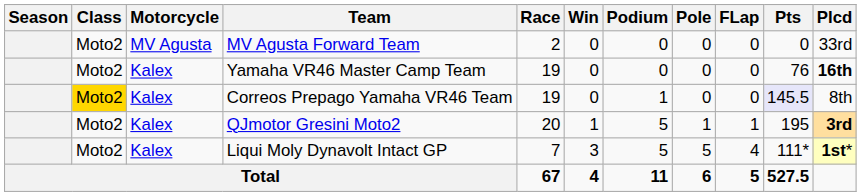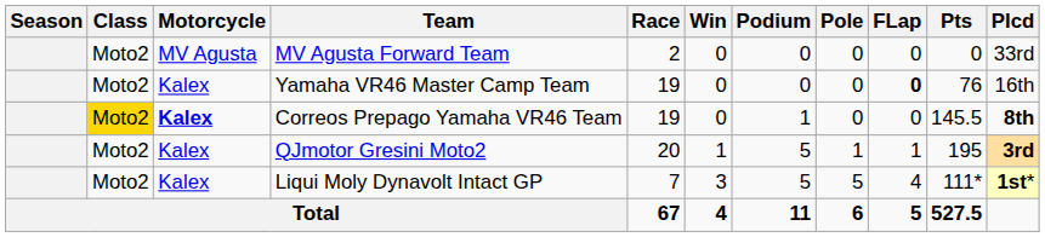 <table class="wikitable" style="text-align:right;">
 <tr>
 <th>Season</th>
 <th>Class</th>
 <th>Motorcycle</th>
 <th>Team</th>
 <th>Race</th>
 <th>Win</th>
 <th>Podium</th>
 <th>Pole</th>
 <th>FLap</th>
 <th>Pts</th>
 <th>Plcd</th>
 </tr>
 <tr>
 <th></th>
 <td>Moto2</td>
 <td style="text-align:left;"><a href='#'>MV Agusta</a></td>
 <td style="text-align:left;"><a href='#'>MV Agusta Forward Team</a></td>
 <td>2</td>
 <td>0</td>
 <td>0</td>
 <td>0</td>
 <td>0</td>
 <td>0</td>
 <td>33rd</td>
 </tr>
 <tr>
 <th></th>
 <td>Moto2</td>
 <td style="text-align:left;"><a href='#'>Kalex</a></td>
 <td style="text-align:left;">Yamaha VR46 Master Camp Team</td>
 <td>19</td>
 <td>0</td>
 <td>0</td>
 <td>0</td>
-<td>0</td>
+<td><strong>0</strong></td>
 <td>76</td>
-<td><strong>16th</strong></td>
+<td>16th</td>
 </tr>
 <tr>
 <th></th>
 <td style="background: gold;">Moto2</td>
-<td style="text-align:left;"><a href='#'>Kalex</a></td>
+<td style="text-align:left;"><strong><a href='#'>Kalex</a></strong></td>
 <td style="text-align:left;">Correos Prepago Yamaha VR46 Team</td>
 <td>19</td>
 <td>0</td>
 <td>1</td>
 <td>0</td>
 <td>0</td>
-<td style="background: lavender;">145.5</td>
-<td>8th</td>
+<td>145.5</td>
+<td><strong>8th</strong></td>
 </tr>
 <tr>
 <th></th>
 <td>Moto2</td>
 <td style="text-align:left;"><a href='#'>Kalex</a></td>
 <td style="text-align:left;"><a href='#'>QJmotor Gresini Moto2</a></td>
 <td>20</td>
 <td>1</td>
 <td>5</td>
 <td>1</td>
 <td>1</td>
 <td>195</td>
 <td style="background:#FFDF9F;"><strong>3rd</strong></td>
 </tr>
 <tr>
 <th></th>
 <td>Moto2</td>
 <td style="text-align:left;"><a href='#'>Kalex</a></td>
 <td style="text-align:left;">Liqui Moly Dynavolt Intact GP</td>
 <td>7</td>
 <td>3</td>
 <td>5</td>
 <td>5</td>
 <td>4</td>
 <td>111*</td>
 <td style="background:#FFFFBF;"><strong>1st</strong>*</td>
 </tr>
 <tr>
 <th colspan="4">Total</th>
 <td><strong>67</strong></td>
 <td><strong>4</strong></td>
 <td><strong>11</strong></td>
 <td><strong>6</strong></td>
 <td><strong>5</strong></td>
 <td><strong>527.5</strong></td>
 <td></td>
 </tr>
 </table>
